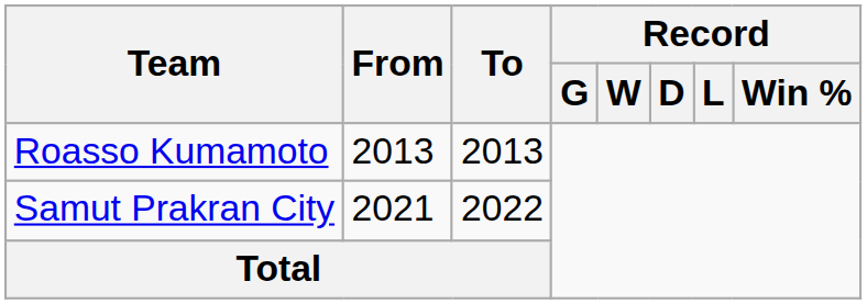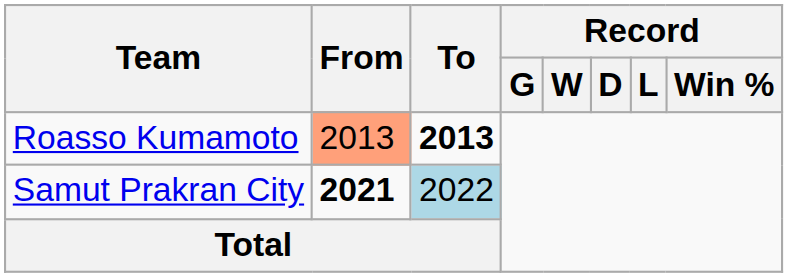 <table class="wikitable" style="text-align: center">
 <tr>
 <th rowspan="2">Team</th>
 <th rowspan="2">From</th>
 <th rowspan="2">To</th>
 <th colspan="5">Record</th>
 </tr>
 <tr>
 <th>G</th>
 <th>W</th>
 <th>D</th>
 <th>L</th>
 <th>Win %</th>
 </tr>
 <tr>
 <td align="left"><a href='#'>Roasso Kumamoto</a></td>
-<td align="left">2013</td>
-<td align="left">2013<br></td>
+<td align="left" style="background: lightsalmon;">2013</td>
+<td align="left"><strong>2013<br></strong></td>
 </tr>
 <tr>
 <td align="left"><a href='#'>Samut Prakran City</a></td>
-<td align="left">2021</td>
-<td align="left">2022<br></td>
+<td align="left"><strong>2021</strong></td>
+<td align="left" style="background: lightblue;">2022<br></td>
 </tr>
 <tr>
 <th colspan="3">Total<br></th>
 </tr>
 </table>
